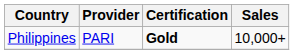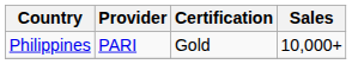 <table class="wikitable">
 <tr>
 <th>Country</th>
 <th>Provider</th>
 <th>Certification</th>
 <th>Sales</th>
 </tr>
 <tr>
 <td><a href='#'>Philippines</a></td>
 <td><a href='#'>PARI</a></td>
-<td><strong>Gold</strong></td>
+<td>Gold</td>
 <td>10,000+</td>
 </tr>
 <tr>
 </tr>
 </table>
